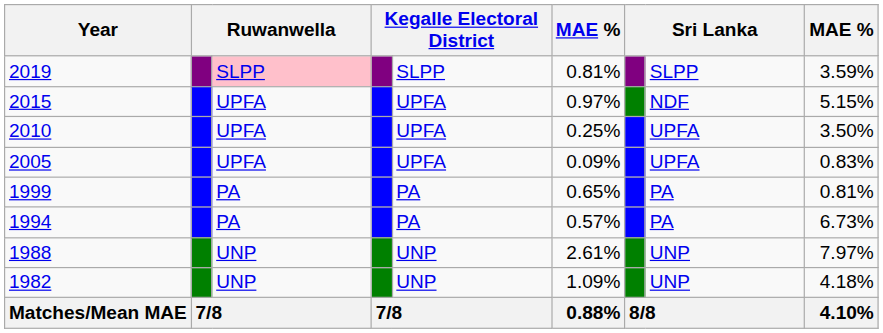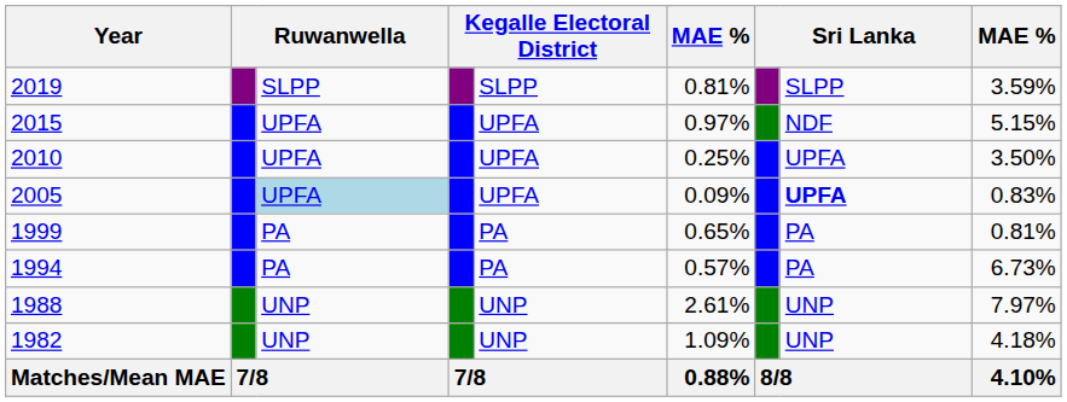 <table class="wikitable">
 <tr>
 <th>Year</th>
 <th colspan="2" width="144px">Ruwanwella</th>
 <th colspan="2" width="144px"><a href='#'>Kegalle Electoral District</a></th>
 <th><a href='#'>MAE</a> %</th>
 <th colspan="2" width="144px">Sri Lanka</th>
 <th>MAE %</th>
 </tr>
 <tr>
 <td><a href='#'>2019</a></td>
 <td style="background-color:purple;" width="10px"></td>
-<td style="background: pink; text-align:left;"><a href='#'>SLPP</a></td>
+<td style="text-align:left;"><a href='#'>SLPP</a></td>
 <td style="background-color:purple;" width="10px"></td>
 <td style="text-align:left;"><a href='#'>SLPP</a></td>
 <td style="text-align:right;">0.81%</td>
 <td style="background-color:purple;" width="10px"></td>
 <td style="text-align:left;"><a href='#'>SLPP</a></td>
 <td style="text-align:right;">3.59%</td>
 </tr>
 <tr>
 <td><a href='#'>2015</a></td>
 <td style="background-color:blue;" width="10px"></td>
 <td style="text-align:left;"><a href='#'>UPFA</a></td>
 <td style="background-color:blue;" width="10px"></td>
 <td style="text-align:left;"><a href='#'>UPFA</a></td>
 <td style="text-align:right;">0.97%</td>
 <td style="background-color:green;" width="10px"></td>
 <td style="text-align:left;"><a href='#'>NDF</a></td>
 <td style="text-align:right;">5.15%</td>
 </tr>
 <tr>
 <td><a href='#'>2010</a></td>
 <td style="background-color:blue;" width="10px"></td>
 <td style="text-align:left;"><a href='#'>UPFA</a></td>
 <td style="background-color:blue;" width="10px"></td>
 <td style="text-align:left;"><a href='#'>UPFA</a></td>
 <td style="text-align:right;">0.25%</td>
 <td style="background-color:blue;" width="10px"></td>
 <td style="text-align:left;"><a href='#'>UPFA</a></td>
 <td style="text-align:right;">3.50%</td>
 </tr>
 <tr>
 <td><a href='#'>2005</a></td>
 <td style="background-color:blue;" width="10px"></td>
-<td style="text-align:left;"><a href='#'>UPFA</a></td>
+<td style="background: lightblue; text-align:left;"><a href='#'>UPFA</a></td>
 <td style="background-color:blue;" width="10px"></td>
 <td style="text-align:left;"><a href='#'>UPFA</a></td>
 <td style="text-align:right;">0.09%</td>
 <td style="background-color:blue;" width="10px"></td>
-<td style="text-align:left;"><a href='#'>UPFA</a></td>
+<td style="text-align:left;"><strong><a href='#'>UPFA</a></strong></td>
 <td style="text-align:right;">0.83%</td>
 </tr>
 <tr>
 <td><a href='#'>1999</a></td>
 <td style="background-color:blue;" width="10px"></td>
 <td style="text-align:left;"><a href='#'>PA</a></td>
 <td style="background-color:blue;" width="10px"></td>
 <td style="text-align:left;"><a href='#'>PA</a></td>
 <td style="text-align:right;">0.65%</td>
 <td style="background-color:blue;" width="10px"></td>
 <td style="text-align:left;"><a href='#'>PA</a></td>
 <td style="text-align:right;">0.81%</td>
 </tr>
 <tr>
 <td><a href='#'>1994</a></td>
 <td style="background-color:blue;" width="10px"></td>
 <td style="text-align:left;"><a href='#'>PA</a></td>
 <td style="background-color:blue;" width="10px"></td>
 <td style="text-align:left;"><a href='#'>PA</a></td>
 <td style="text-align:right;">0.57%</td>
 <td style="background-color:blue;" width="10px"></td>
 <td style="text-align:left;"><a href='#'>PA</a></td>
 <td style="text-align:right;">6.73%</td>
 </tr>
 <tr>
 <td><a href='#'>1988</a></td>
 <td style="background-color:green;" width="10px"></td>
 <td style="text-align:left;"><a href='#'>UNP</a></td>
 <td style="background-color:green;" width="10px"></td>
 <td style="text-align:left;"><a href='#'>UNP</a></td>
 <td style="text-align:right;">2.61%</td>
 <td style="background-color:green;" width="10px"></td>
 <td style="text-align:left;"><a href='#'>UNP</a></td>
 <td style="text-align:right;">7.97%</td>
 </tr>
 <tr>
 <td><a href='#'>1982</a></td>
 <td style="background-color:green;" width="10px"></td>
 <td style="text-align:left;"><a href='#'>UNP</a></td>
 <td style="background-color:green;" width="10px"></td>
 <td style="text-align:left;"><a href='#'>UNP</a></td>
 <td style="text-align:right;">1.09%</td>
 <td style="background-color:green;" width="10px"></td>
 <td style="text-align:left;"><a href='#'>UNP</a></td>
 <td style="text-align:right;">4.18%</td>
 </tr>
 <tr>
 <th>Matches/Mean MAE</th>
 <th style="text-align:left;"colspan="2" width="144px">7/8</th>
 <th style="text-align:left;"colspan="2" width="144px">7/8</th>
 <th style="text-align:right;">0.88%</th>
 <th style="text-align:left;"colspan="2" width="144px">8/8</th>
 <th style="text-align:right;">4.10%</th>
 </tr>
 </table>
